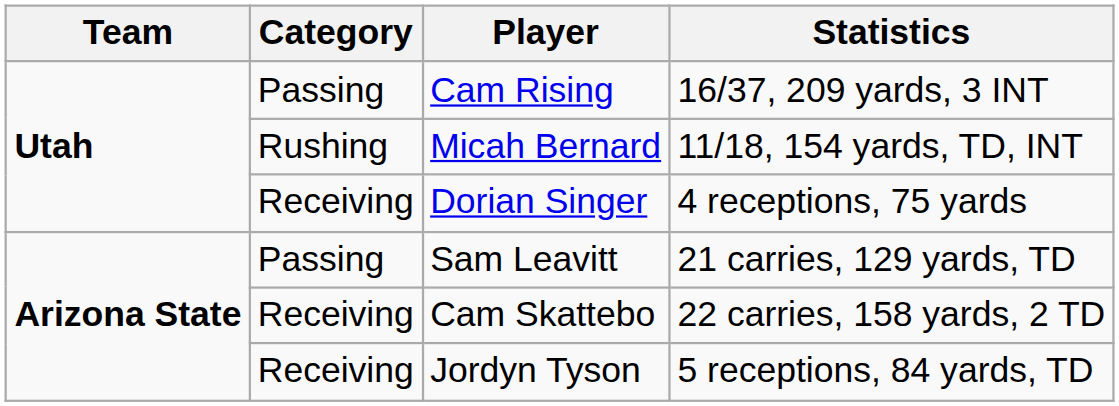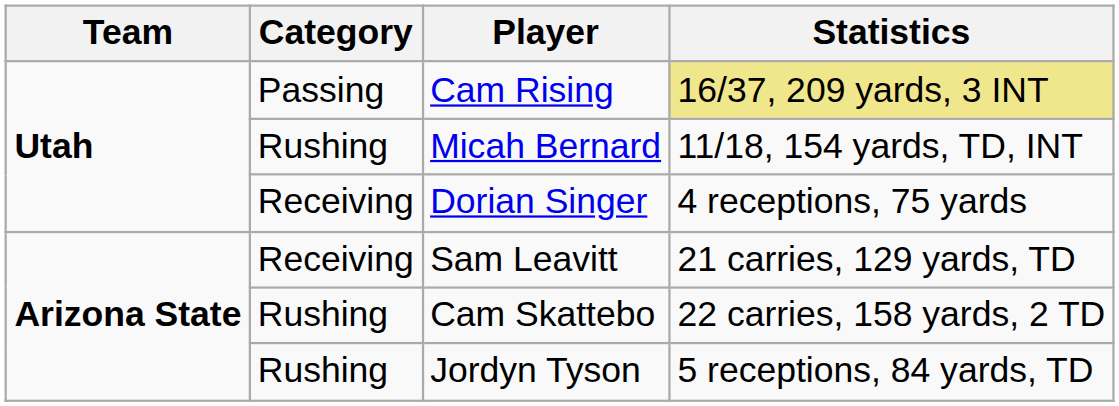 <table class="wikitable" style="float: right;">
 <tr>
 <th>Team</th>
 <th>Category</th>
 <th>Player</th>
 <th>Statistics</th>
 </tr>
 <tr>
 <td rowspan=3><strong>Utah</strong></td>
 <td>Passing</td>
 <td><a href='#'>Cam Rising</a></td>
-<td>16/37, 209 yards, 3 INT</td>
+<td style="background: khaki;">16/37, 209 yards, 3 INT</td>
 </tr>
 <tr>
 <td>Rushing</td>
 <td><a href='#'>Micah Bernard</a></td>
 <td>11/18, 154 yards, TD, INT</td>
 </tr>
 <tr>
 <td>Receiving</td>
 <td><a href='#'>Dorian Singer</a></td>
 <td>4 receptions, 75 yards</td>
 </tr>
 <tr>
 <td rowspan=3><strong>Arizona State</strong></td>
-<td>Passing</td>
+<td>Receiving</td>
 <td>Sam Leavitt</td>
 <td>21 carries, 129 yards, TD</td>
 </tr>
 <tr>
-<td>Receiving</td>
+<td>Rushing</td>
 <td>Cam Skattebo</td>
 <td>22 carries, 158 yards, 2 TD</td>
 </tr>
 <tr>
-<td>Receiving</td>
+<td>Rushing</td>
 <td>Jordyn Tyson</td>
 <td>5 receptions, 84 yards, TD</td>
 </tr>
 </table>
